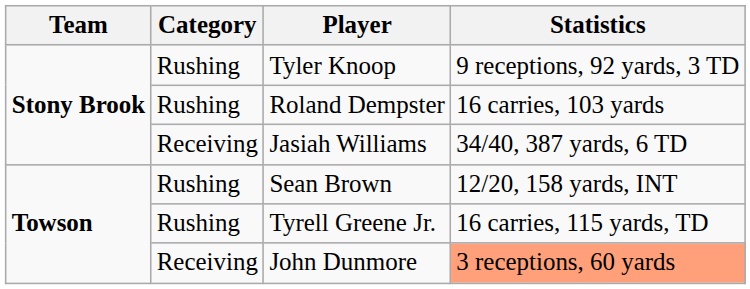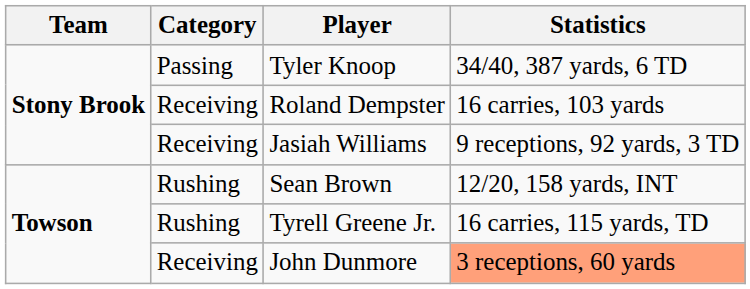 <table class="wikitable" style="float: right;">
 <tr>
 <th>Team</th>
 <th>Category</th>
 <th>Player</th>
 <th>Statistics</th>
 </tr>
 <tr>
 <td rowspan=3><strong>Stony Brook</strong></td>
-<td>Rushing</td>
+<td>Passing</td>
 <td>Tyler Knoop</td>
-<td>9 receptions, 92 yards, 3 TD</td>
+<td>34/40, 387 yards, 6 TD</td>
 </tr>
 <tr>
-<td>Rushing</td>
+<td>Receiving</td>
 <td>Roland Dempster</td>
 <td>16 carries, 103 yards</td>
 </tr>
 <tr>
 <td>Receiving</td>
 <td>Jasiah Williams</td>
-<td>34/40, 387 yards, 6 TD</td>
+<td>9 receptions, 92 yards, 3 TD</td>
 </tr>
 <tr>
 <td rowspan=3><strong>Towson</strong></td>
 <td>Rushing</td>
 <td>Sean Brown</td>
 <td>12/20, 158 yards, INT</td>
 </tr>
 <tr>
 <td>Rushing</td>
 <td>Tyrell Greene Jr.</td>
 <td>16 carries, 115 yards, TD</td>
 </tr>
 <tr>
 <td>Receiving</td>
 <td>John Dunmore</td>
 <td style="background: lightsalmon;">3 receptions, 60 yards</td>
 </tr>
 </table>
